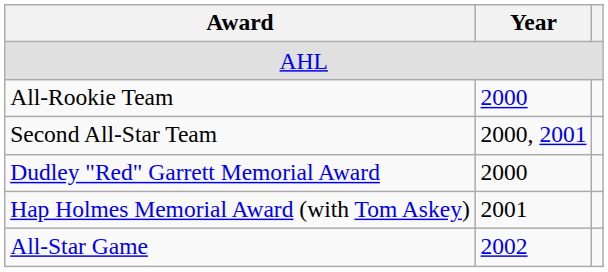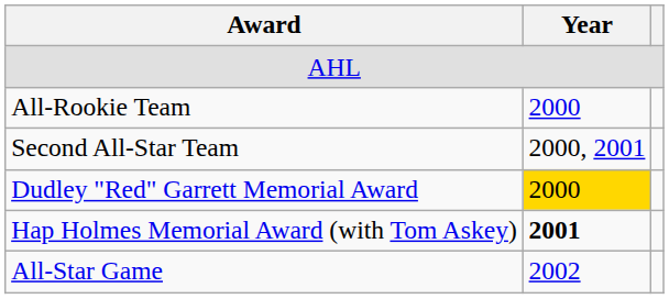 <table class="wikitable">
 <tr>
 <th>Award</th>
 <th>Year</th>
 <th></th>
 </tr>
 <tr ALIGN="center" bgcolor="#e0e0e0">
 <td colspan="3"><a href='#'>AHL</a></td>
 </tr>
 <tr>
 <td>All-Rookie Team</td>
 <td><a href='#'>2000</a></td>
 <td></td>
 </tr>
 <tr>
 <td>Second All-Star Team</td>
 <td>2000, <a href='#'>2001</a></td>
 <td></td>
 </tr>
 <tr>
 <td><a href='#'>Dudley "Red" Garrett Memorial Award</a></td>
-<td>2000</td>
+<td style="background: gold;">2000</td>
 <td></td>
 </tr>
 <tr>
 <td><a href='#'>Hap Holmes Memorial Award</a> (with <a href='#'>Tom Askey</a>)</td>
-<td>2001</td>
+<td><strong>2001</strong></td>
 <td></td>
 </tr>
 <tr>
 <td><a href='#'>All-Star Game</a></td>
 <td><a href='#'>2002</a></td>
 <td></td>
 </tr>
 </table>
